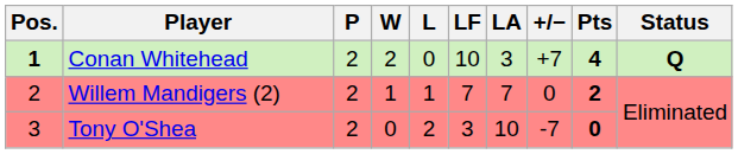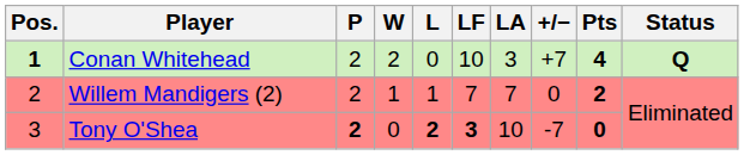 <table class="wikitable" style="text-align:center; margin: 1em auto 1em auto, align:left">
 <tr>
 <th width=20>Pos.</th>
 <th width=185>Player</th>
 <th width=20>P</th>
 <th width=20>W</th>
 <th width=20>L</th>
 <th width=20>LF</th>
 <th width=20>LA</th>
 <th width=25>+/−</th>
 <th width=20>Pts</th>
 <th width=70>Status</th>
 </tr>
 <tr style="background:#D0F0C0;">
 <td><strong>1</strong></td>
 <td align=left> <a href='#'>Conan Whitehead</a></td>
 <td>2</td>
 <td>2</td>
 <td>0</td>
 <td>10</td>
 <td>3</td>
 <td>+7</td>
 <td><strong>4</strong></td>
 <td rowspan=1><strong>Q</strong></td>
 </tr>
 <tr style="background:#FF8888;">
 <td>2</td>
 <td align=left> <a href='#'>Willem Mandigers</a> (2)</td>
 <td>2</td>
 <td>1</td>
 <td>1</td>
 <td>7</td>
 <td>7</td>
 <td>0</td>
 <td><strong>2</strong></td>
 <td rowspan=2>Eliminated</td>
 </tr>
 <tr style="background:#FF8888;">
 <td>3</td>
 <td align=left> <a href='#'>Tony O'Shea</a></td>
-<td>2</td>
+<td><strong>2</strong></td>
 <td>0</td>
-<td>2</td>
-<td>3</td>
+<td><strong>2</strong></td>
+<td><strong>3</strong></td>
 <td>10</td>
 <td>-7</td>
 <td><strong>0</strong></td>
 </tr>
 </table>
